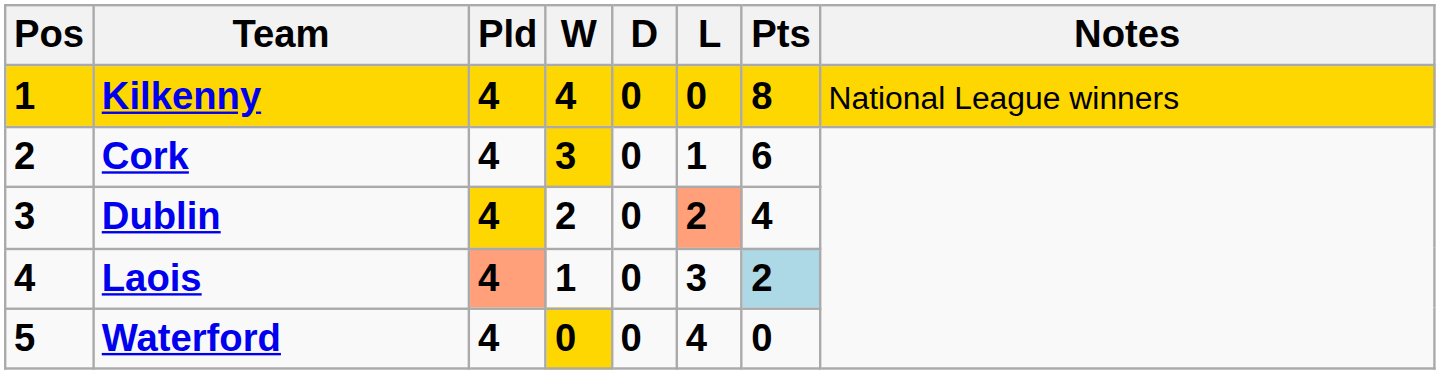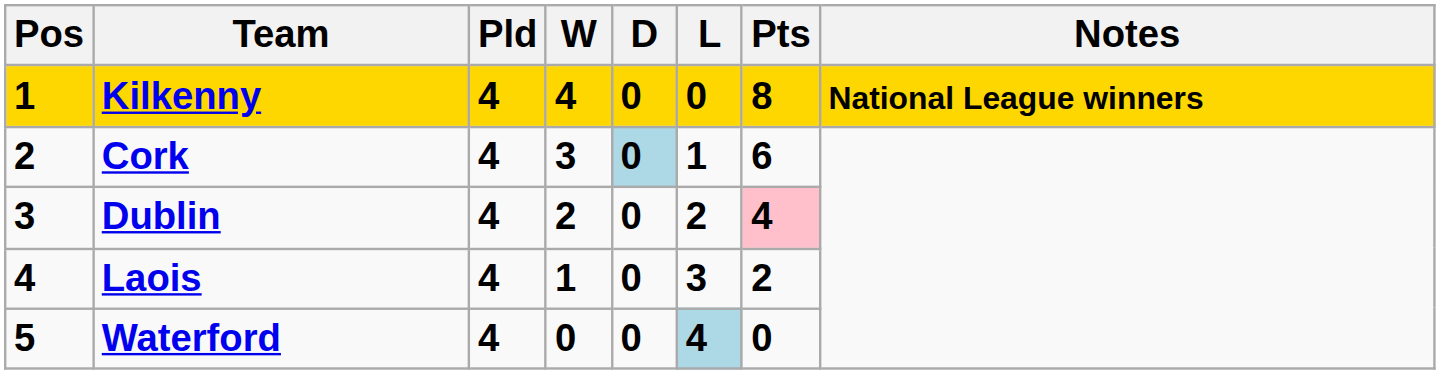 <table class="wikitable" style="text-align: centre;">
 <tr>
 <th width=20>Pos</th>
 <th width=150>Team</th>
 <th width=20>Pld</th>
 <th width=20>W</th>
 <th width=20>D</th>
 <th width=20>L</th>
 <th width=20>Pts</th>
 <th width=250>Notes</th>
 </tr>
 <tr style="background:gold;">
 <td><strong>1</strong></td>
 <td align=left><strong> <a href='#'>Kilkenny</a> </strong></td>
 <td><strong>4</strong></td>
 <td><strong>4</strong></td>
 <td><strong>0</strong></td>
 <td><strong>0</strong></td>
 <td><strong>8</strong></td>
-<td><small> National League winners</small></td>
+<td><strong><small> National League winners</small></strong></td>
 </tr>
 <tr style>
 <td><strong>2</strong></td>
 <td align=left><strong> <a href='#'>Cork</a> </strong></td>
 <td><strong>4</strong></td>
-<td style="background: gold;"><strong>3</strong></td>
-<td><strong>0</strong></td>
+<td><strong>3</strong></td>
+<td style="background: lightblue;"><strong>0</strong></td>
 <td><strong>1</strong></td>
 <td><strong>6</strong></td>
 </tr>
 <tr style>
 <td><strong>3</strong></td>
 <td align=left><strong> <a href='#'>Dublin</a> </strong></td>
-<td style="background: gold;"><strong>4</strong></td>
+<td><strong>4</strong></td>
 <td><strong>2</strong></td>
 <td><strong>0</strong></td>
-<td style="background: lightsalmon;"><strong>2</strong></td>
-<td><strong>4</strong></td>
+<td><strong>2</strong></td>
+<td style="background: pink;"><strong>4</strong></td>
 </tr>
 <tr style>
 <td><strong>4</strong></td>
 <td align=left><strong> <a href='#'>Laois</a> </strong></td>
-<td style="background: lightsalmon;"><strong>4</strong></td>
+<td><strong>4</strong></td>
 <td><strong>1</strong></td>
 <td><strong>0</strong></td>
 <td><strong>3</strong></td>
-<td style="background: lightblue;"><strong>2</strong></td>
+<td><strong>2</strong></td>
 </tr>
 <tr style>
 <td><strong>5</strong></td>
 <td align=left><strong> <a href='#'>Waterford</a> </strong></td>
 <td><strong>4</strong></td>
-<td style="background: gold;"><strong>0</strong></td>
 <td><strong>0</strong></td>
-<td><strong>4</strong></td>
+<td><strong>0</strong></td>
+<td style="background: lightblue;"><strong>4</strong></td>
 <td><strong>0</strong></td>
 </tr>
 </table>
